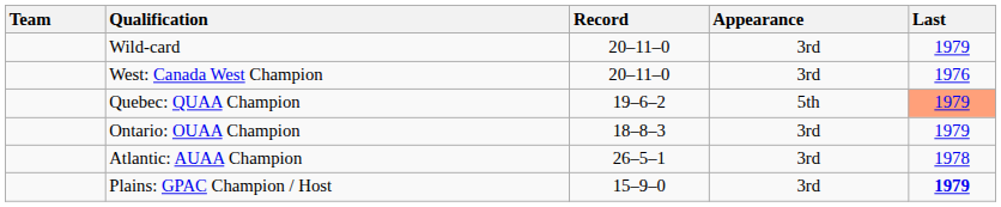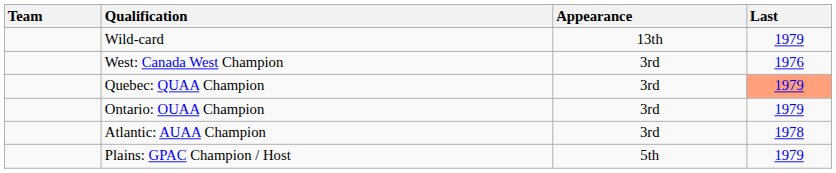 <table class="wikitable sortable" style="text-align: center;" width=900>
 <tr style="background:#efefef; text-align:center">
 <th style="text-align:left">Team</th>
 <th style="text-align:left">Qualification</th>
-<th style="text-align:left">Record</th>
 <th style="text-align:left">Appearance</th>
 <th style="text-align:left">Last</th>
 </tr>
 <tr style="text-align:center">
 <td style="text-align:left; "><a href='#'></a></td>
 <td style="text-align:left">Wild-card</td>
-<td style="text-align:center">20–11–0</td>
-<td style="text-align:center">3rd</td>
+<td style="text-align:center">13th</td>
 <td style="text-align:center"><a href='#'>1979</a></td>
 </tr>
 <tr style="text-align:center">
 <td style="text-align:left; "><a href='#'></a></td>
 <td style="text-align:left">West: <a href='#'>Canada West</a> Champion</td>
-<td style="text-align:center">20–11–0</td>
 <td style="text-align:center">3rd</td>
 <td style="text-align:center"><a href='#'>1976</a></td>
 </tr>
 <tr style="text-align:center">
 <td style="text-align:left; "><a href='#'></a></td>
 <td style="text-align:left">Quebec: <a href='#'>QUAA</a> Champion</td>
-<td style="text-align:center">19–6–2</td>
-<td style="text-align:center">5th</td>
+<td style="text-align:center">3rd</td>
 <td style="background: lightsalmon; text-align:center"><a href='#'>1979</a></td>
 </tr>
 <tr style="text-align:center">
 <td style="text-align:left; "><a href='#'></a></td>
 <td style="text-align:left">Ontario: <a href='#'>OUAA</a> Champion</td>
-<td style="text-align:center">18–8–3</td>
 <td style="text-align:center">3rd</td>
 <td style="text-align:center"><a href='#'>1979</a></td>
 </tr>
 <tr style="text-align:center">
 <td style="text-align:left; "><a href='#'></a></td>
 <td style="text-align:left">Atlantic: <a href='#'>AUAA</a> Champion</td>
-<td style="text-align:center">26–5–1</td>
 <td style="text-align:center">3rd</td>
 <td style="text-align:center"><a href='#'>1978</a></td>
 </tr>
 <tr style="text-align:center">
 <td style="text-align:left; "><a href='#'></a></td>
 <td style="text-align:left">Plains: <a href='#'>GPAC</a> Champion / Host</td>
-<td style="text-align:center">15–9–0</td>
-<td style="text-align:center">3rd</td>
-<td style="text-align:center"><strong><a href='#'>1979</a></strong></td>
+<td style="text-align:center">5th</td>
+<td style="text-align:center"><a href='#'>1979</a></td>
 </tr>
 </table>
